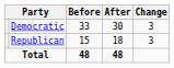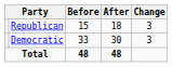 <table class="wikitable" style="text-align:center;">
 <tr>
 <th colspan="2">Party</th>
 <th>Before</th>
 <th>After</th>
 <th>Change</th>
 </tr>
 <tr>
 <th style="background-color:"></th>
-<td style="text-align:left;"><a href='#'>Democratic</a></td>
-<td>33</td>
-<td>30</td>
+<td style="text-align:left;"><a href='#'>Republican</a></td>
+<td>15</td>
+<td>18</td>
 <td> 3</td>
 </tr>
 <tr>
 <th style="background-color:"></th>
-<td style="text-align:left;"><a href='#'>Republican</a></td>
-<td>15</td>
-<td>18</td>
+<td style="text-align:left;"><a href='#'>Democratic</a></td>
+<td>33</td>
+<td>30</td>
 <td> 3</td>
 </tr>
 <tr>
 <td colspan="2"><strong>Total</strong></td>
 <td><strong>48</strong></td>
 <td><strong>48</strong></td>
 <td></td>
 </tr>
 </table>
